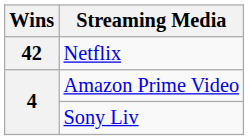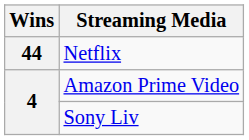 <table class="wikitable" style="display:inline-table;">
 <tr>
 <th>Wins</th>
 <th>Streaming Media</th>
 </tr>
 <tr>
-<th>42</th>
+<th>44</th>
 <td><a href='#'>Netflix</a></td>
 </tr>
 <tr>
 <th rowspan="2">4</th>
 <td><a href='#'>Amazon Prime Video</a></td>
 </tr>
 <tr>
 <td><a href='#'>Sony Liv</a></td>
 </tr>
 </table>
